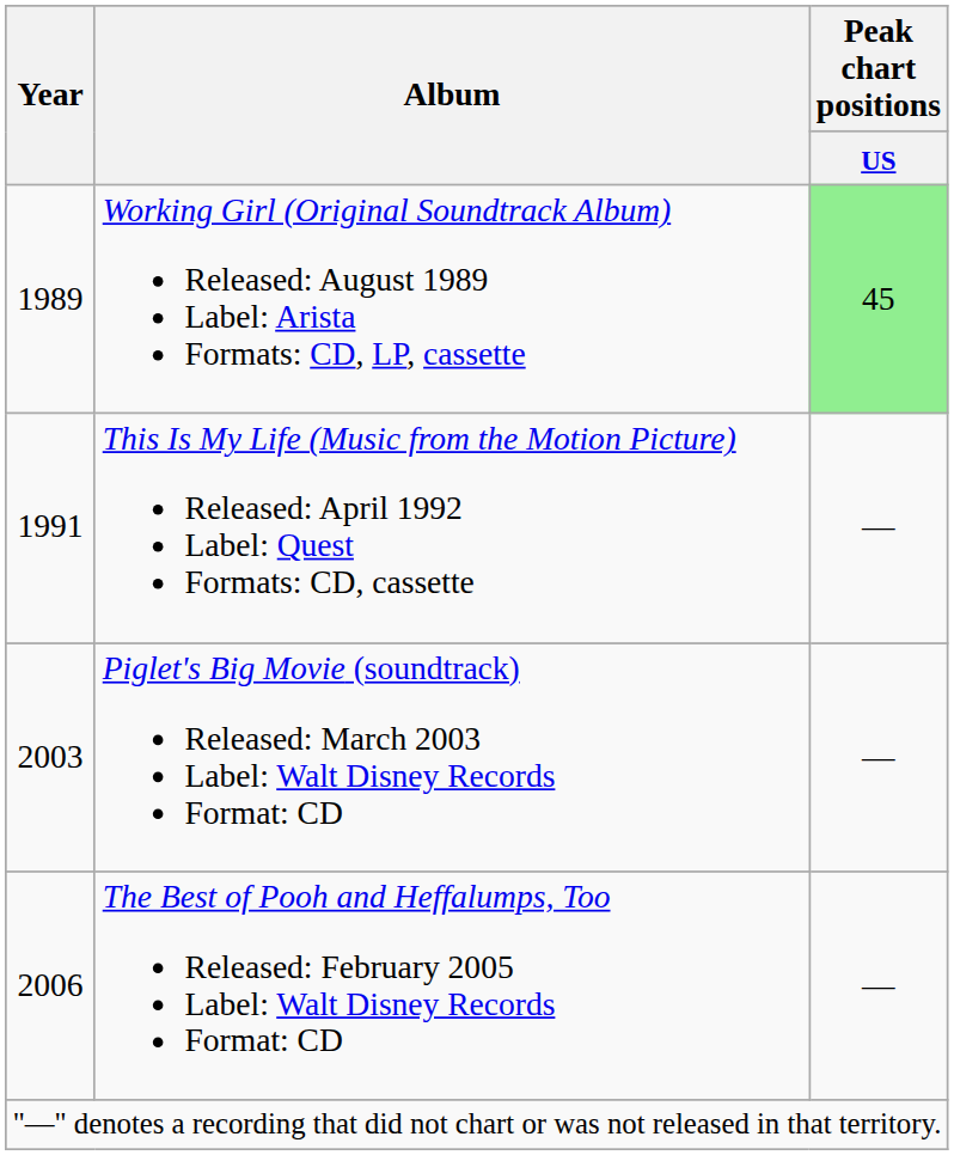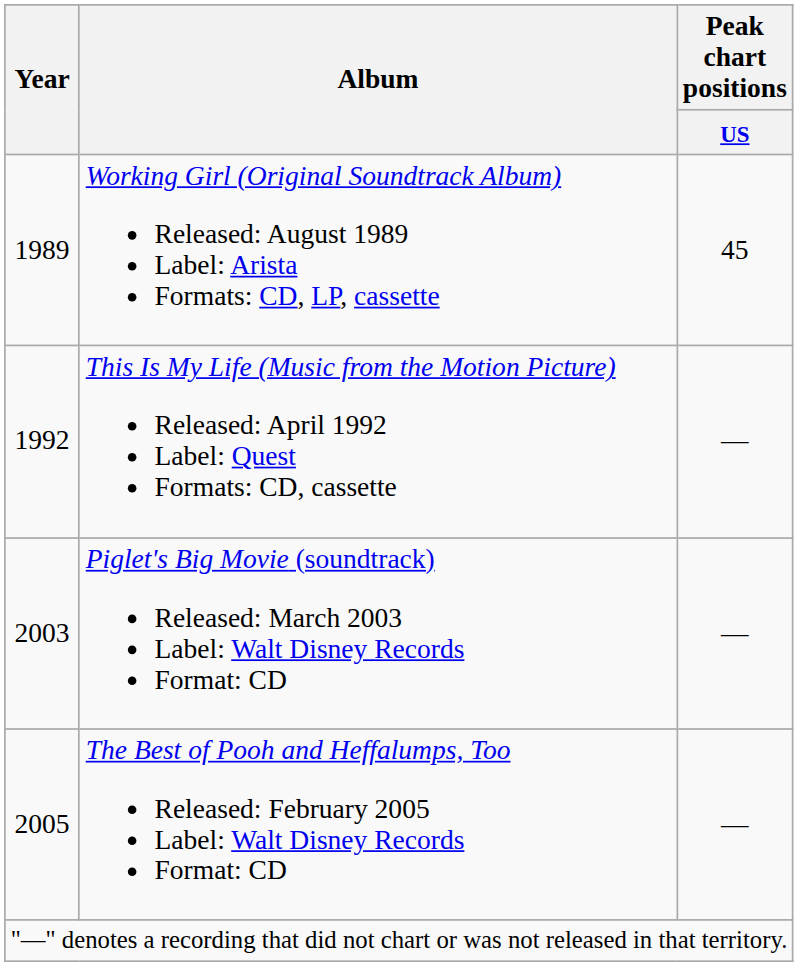 <table class="wikitable" style="text-align:center;">
 <tr>
 <th rowspan="2">Year</th>
 <th rowspan="2">Album</th>
 <th colspan="1">Peak chart positions</th>
 </tr>
 <tr>
 <th width="40"><small><a href='#'>US</a><br></small></th>
 </tr>
 <tr>
 <td>1989</td>
 <td align=left><em><a href='#'>Working Girl (Original Soundtrack Album)</a></em><br><ul><li>Released: August 1989</li><li>Label: <a href='#'>Arista</a></li><li>Formats: <a href='#'>CD</a>, <a href='#'>LP</a>, <a href='#'>cassette</a></li></ul></td>
-<td style="background: lightgreen;">45</td>
+<td>45</td>
 </tr>
 <tr>
-<td>1991</td>
+<td>1992</td>
 <td align=left><em><a href='#'>This Is My Life (Music from the Motion Picture)</a></em><br><ul><li>Released: April 1992</li><li>Label: <a href='#'>Quest</a></li><li>Formats: CD, cassette</li></ul></td>
 <td>—</td>
 </tr>
 <tr>
 <td>2003</td>
 <td align=left><a href='#'><em>Piglet's Big Movie</em> (soundtrack)</a><br><ul><li>Released: March 2003</li><li>Label: <a href='#'>Walt Disney Records</a></li><li>Format: CD</li></ul></td>
 <td>—</td>
 </tr>
 <tr>
-<td>2006</td>
+<td>2005</td>
 <td align=left><em><a href='#'>The Best of Pooh and Heffalumps, Too</a></em><br><ul><li>Released: February 2005</li><li>Label: <a href='#'>Walt Disney Records</a></li><li>Format: CD</li></ul></td>
 <td>—</td>
 </tr>
 <tr>
 <td colspan="15" style="font-size:90%">"—" denotes a recording that did not chart or was not released in that territory.</td>
 </tr>
 </table>
